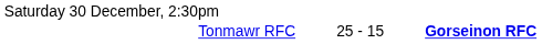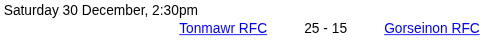 <table style="width:70%;" cellspacing="1">
 <tr>
 <th width=35%></th>
 <th width=15%></th>
 <th></th>
 </tr>
 <tr>
 <td>Saturday 30 December, 2:30pm</td>
 </tr>
 <tr>
 <td align=right><a href='#'>Tonmawr RFC</a></td>
 <td align=center>25 - 15</td>
-<td><strong><a href='#'>Gorseinon RFC</a></strong></td>
+<td><a href='#'>Gorseinon RFC</a></td>
 </tr>
 </table>
